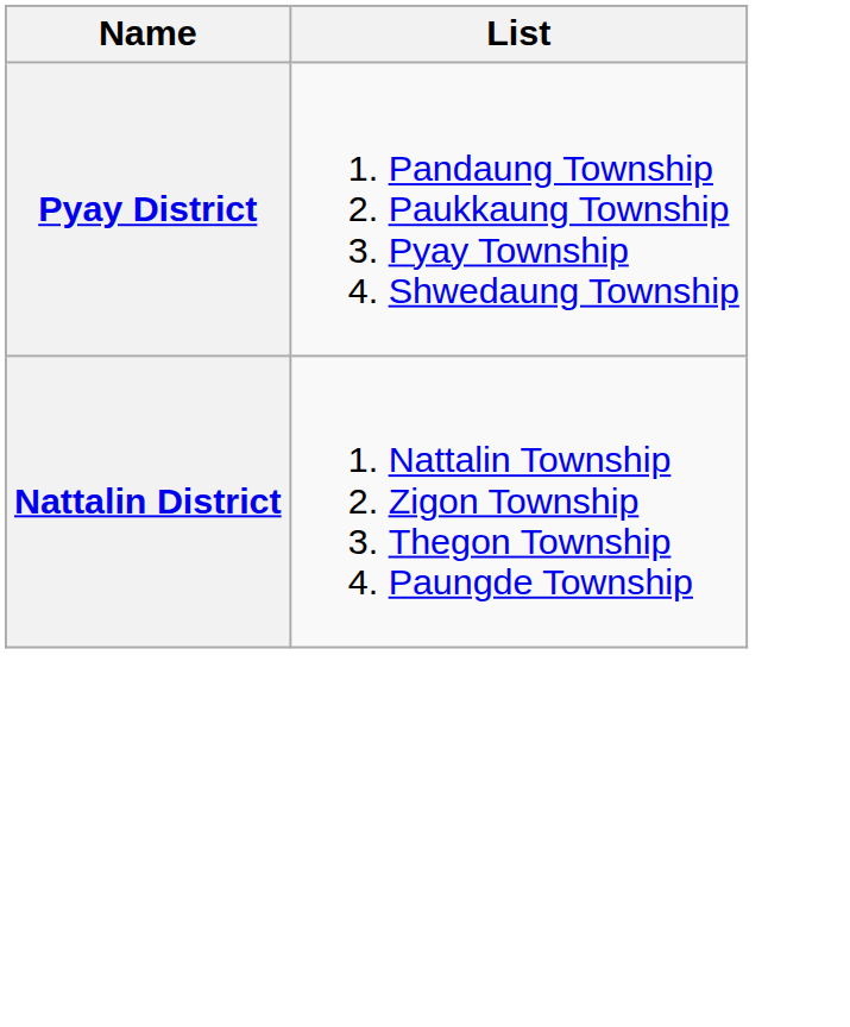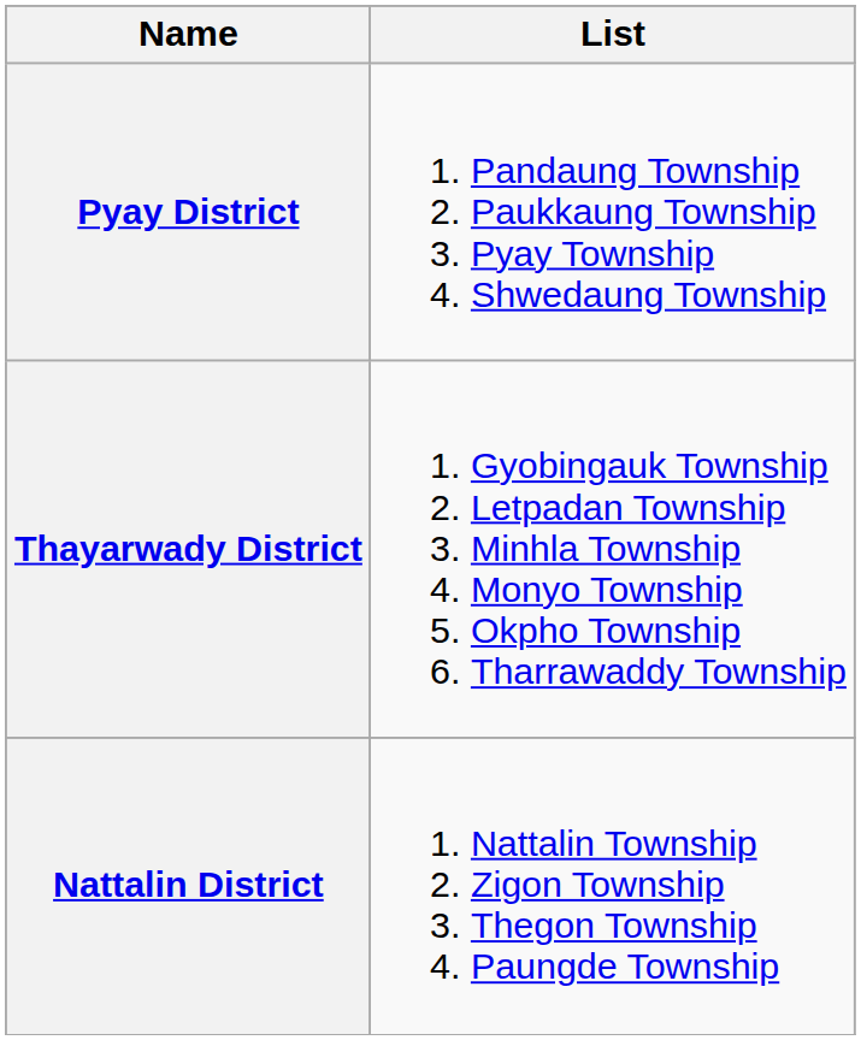 <table class=wikitable>
 <tr>
 <th>Name</th>
 <th>List</th>
 </tr>
 <tr>
 <th><a href='#'>Pyay District</a></th>
 <td><br><ol><li><a href='#'>Pandaung Township</a></li><li><a href='#'>Paukkaung Township</a></li><li><a href='#'>Pyay Township</a></li><li><a href='#'>Shwedaung Township</a></li></ol></td>
 </tr>
 <tr>
+<th><a href='#'>Thayarwady District</a></th>
+<td><br><ol><li><a href='#'>Gyobingauk Township</a></li><li><a href='#'>Letpadan Township</a></li><li><a href='#'>Minhla Township</a></li><li><a href='#'>Monyo Township</a></li><li><a href='#'>Okpho Township</a></li><li><a href='#'>Tharrawaddy Township</a></li></ol></td>
+</tr>
+<tr>
 <th><a href='#'>Nattalin District</a></th>
 <td><br><ol><li><a href='#'>Nattalin Township</a></li><li><a href='#'>Zigon Township</a></li><li><a href='#'>Thegon Township</a></li><li><a href='#'>Paungde Township</a></li></ol></td>
 </tr>
 </table>
